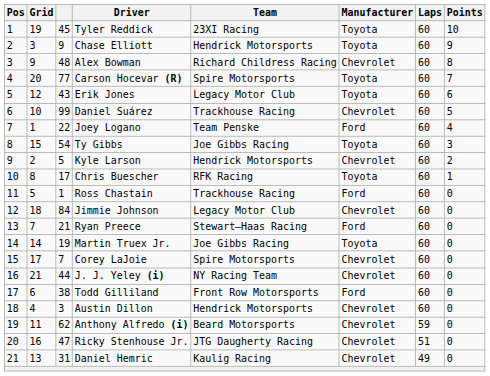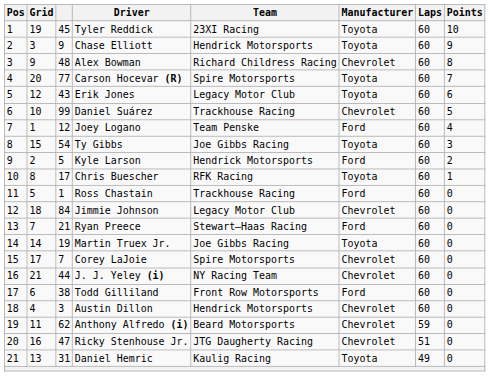 <table class="wikitable" style="font-size:98%">
 <tr>
 <th>Pos</th>
 <th>Grid</th>
 <th></th>
 <th>Driver</th>
 <th>Team</th>
 <th>Manufacturer</th>
 <th>Laps</th>
 <th>Points</th>
 </tr>
 <tr>
 <td>1</td>
 <td>19</td>
 <td>45</td>
 <td>Tyler Reddick</td>
 <td>23XI Racing</td>
 <td>Toyota</td>
 <td>60</td>
 <td>10</td>
 </tr>
 <tr>
 <td>2</td>
 <td>3</td>
 <td>9</td>
 <td>Chase Elliott</td>
 <td>Hendrick Motorsports</td>
 <td>Toyota</td>
 <td>60</td>
 <td>9</td>
 </tr>
 <tr>
 <td>3</td>
 <td>9</td>
 <td>48</td>
 <td>Alex Bowman</td>
 <td>Richard Childress Racing</td>
 <td>Chevrolet</td>
 <td>60</td>
 <td>8</td>
 </tr>
 <tr>
 <td>4</td>
 <td>20</td>
 <td>77</td>
 <td>Carson Hocevar <strong>(R)</strong></td>
 <td>Spire Motorsports</td>
 <td>Toyota</td>
 <td>60</td>
 <td>7</td>
 </tr>
 <tr>
 <td>5</td>
 <td>12</td>
 <td>43</td>
 <td>Erik Jones</td>
 <td>Legacy Motor Club</td>
 <td>Toyota</td>
 <td>60</td>
 <td>6</td>
 </tr>
 <tr>
 <td>6</td>
 <td>10</td>
 <td>99</td>
 <td>Daniel Suárez</td>
 <td>Trackhouse Racing</td>
 <td>Chevrolet</td>
 <td>60</td>
 <td>5</td>
 </tr>
 <tr>
 <td>7</td>
 <td>1</td>
-<td>22</td>
+<td>12</td>
 <td>Joey Logano</td>
 <td>Team Penske</td>
 <td>Ford</td>
 <td>60</td>
 <td>4</td>
 </tr>
 <tr>
 <td>8</td>
 <td>15</td>
 <td>54</td>
 <td>Ty Gibbs</td>
 <td>Joe Gibbs Racing</td>
 <td>Toyota</td>
 <td>60</td>
 <td>3</td>
 </tr>
 <tr>
 <td>9</td>
 <td>2</td>
 <td>5</td>
 <td>Kyle Larson</td>
 <td>Hendrick Motorsports</td>
-<td>Chevrolet</td>
+<td>Ford</td>
 <td>60</td>
 <td>2</td>
 </tr>
 <tr>
 <td>10</td>
 <td>8</td>
 <td>17</td>
 <td>Chris Buescher</td>
 <td>RFK Racing</td>
 <td>Toyota</td>
 <td>60</td>
 <td>1</td>
 </tr>
 <tr>
 <td>11</td>
 <td>5</td>
 <td>1</td>
 <td>Ross Chastain</td>
 <td>Trackhouse Racing</td>
 <td>Ford</td>
 <td>60</td>
 <td>0</td>
 </tr>
 <tr>
 <td>12</td>
 <td>18</td>
 <td>84</td>
 <td>Jimmie Johnson</td>
 <td>Legacy Motor Club</td>
 <td>Chevrolet</td>
 <td>60</td>
 <td>0</td>
 </tr>
 <tr>
 <td>13</td>
 <td>7</td>
 <td>21</td>
 <td>Ryan Preece</td>
 <td>Stewart–Haas Racing</td>
 <td>Ford</td>
 <td>60</td>
 <td>0</td>
 </tr>
 <tr>
 <td>14</td>
 <td>14</td>
 <td>19</td>
 <td>Martin Truex Jr.</td>
 <td>Joe Gibbs Racing</td>
 <td>Toyota</td>
 <td>60</td>
 <td>0</td>
 </tr>
 <tr>
 <td>15</td>
 <td>17</td>
 <td>7</td>
 <td>Corey LaJoie</td>
 <td>Spire Motorsports</td>
 <td>Chevrolet</td>
 <td>60</td>
 <td>0</td>
 </tr>
 <tr>
 <td>16</td>
 <td>21</td>
 <td>44</td>
 <td>J. J. Yeley <strong>(i)</strong></td>
 <td>NY Racing Team</td>
 <td>Chevrolet</td>
 <td>60</td>
 <td>0</td>
 </tr>
 <tr>
 <td>17</td>
 <td>6</td>
 <td>38</td>
 <td>Todd Gilliland</td>
 <td>Front Row Motorsports</td>
 <td>Ford</td>
 <td>60</td>
 <td>0</td>
 </tr>
 <tr>
 <td>18</td>
 <td>4</td>
 <td>3</td>
 <td>Austin Dillon</td>
 <td>Hendrick Motorsports</td>
 <td>Chevrolet</td>
 <td>60</td>
 <td>0</td>
 </tr>
 <tr>
 <td>19</td>
 <td>11</td>
 <td>62</td>
 <td>Anthony Alfredo <strong>(i)</strong></td>
 <td>Beard Motorsports</td>
 <td>Chevrolet</td>
 <td>59</td>
 <td>0</td>
 </tr>
 <tr>
 <td>20</td>
 <td>16</td>
 <td>47</td>
 <td>Ricky Stenhouse Jr.</td>
 <td>JTG Daugherty Racing</td>
 <td>Chevrolet</td>
 <td>51</td>
 <td>0</td>
 </tr>
 <tr>
 <td>21</td>
 <td>13</td>
 <td>31</td>
 <td>Daniel Hemric</td>
 <td>Kaulig Racing</td>
-<td>Chevrolet</td>
+<td>Toyota</td>
 <td>49</td>
 <td>0</td>
 </tr>
 <tr>
 <th colspan="8"></th>
 </tr>
 </table>
